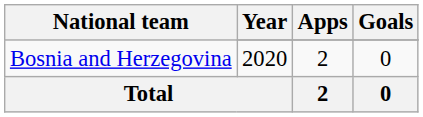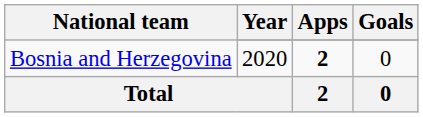 <table class="wikitable" style="text-align: center;">
 <tr>
 <th>National team</th>
 <th>Year</th>
 <th>Apps</th>
 <th>Goals</th>
 </tr>
 <tr>
 <td rowspan="2"><a href='#'>Bosnia and Herzegovina</a></td>
 </tr>
 <tr>
 <td>2020</td>
-<td>2</td>
+<td><strong>2</strong></td>
 <td>0</td>
 </tr>
 <tr>
 <th colspan="2">Total</th>
 <th>2</th>
 <th>0</th>
 </tr>
 </table>
